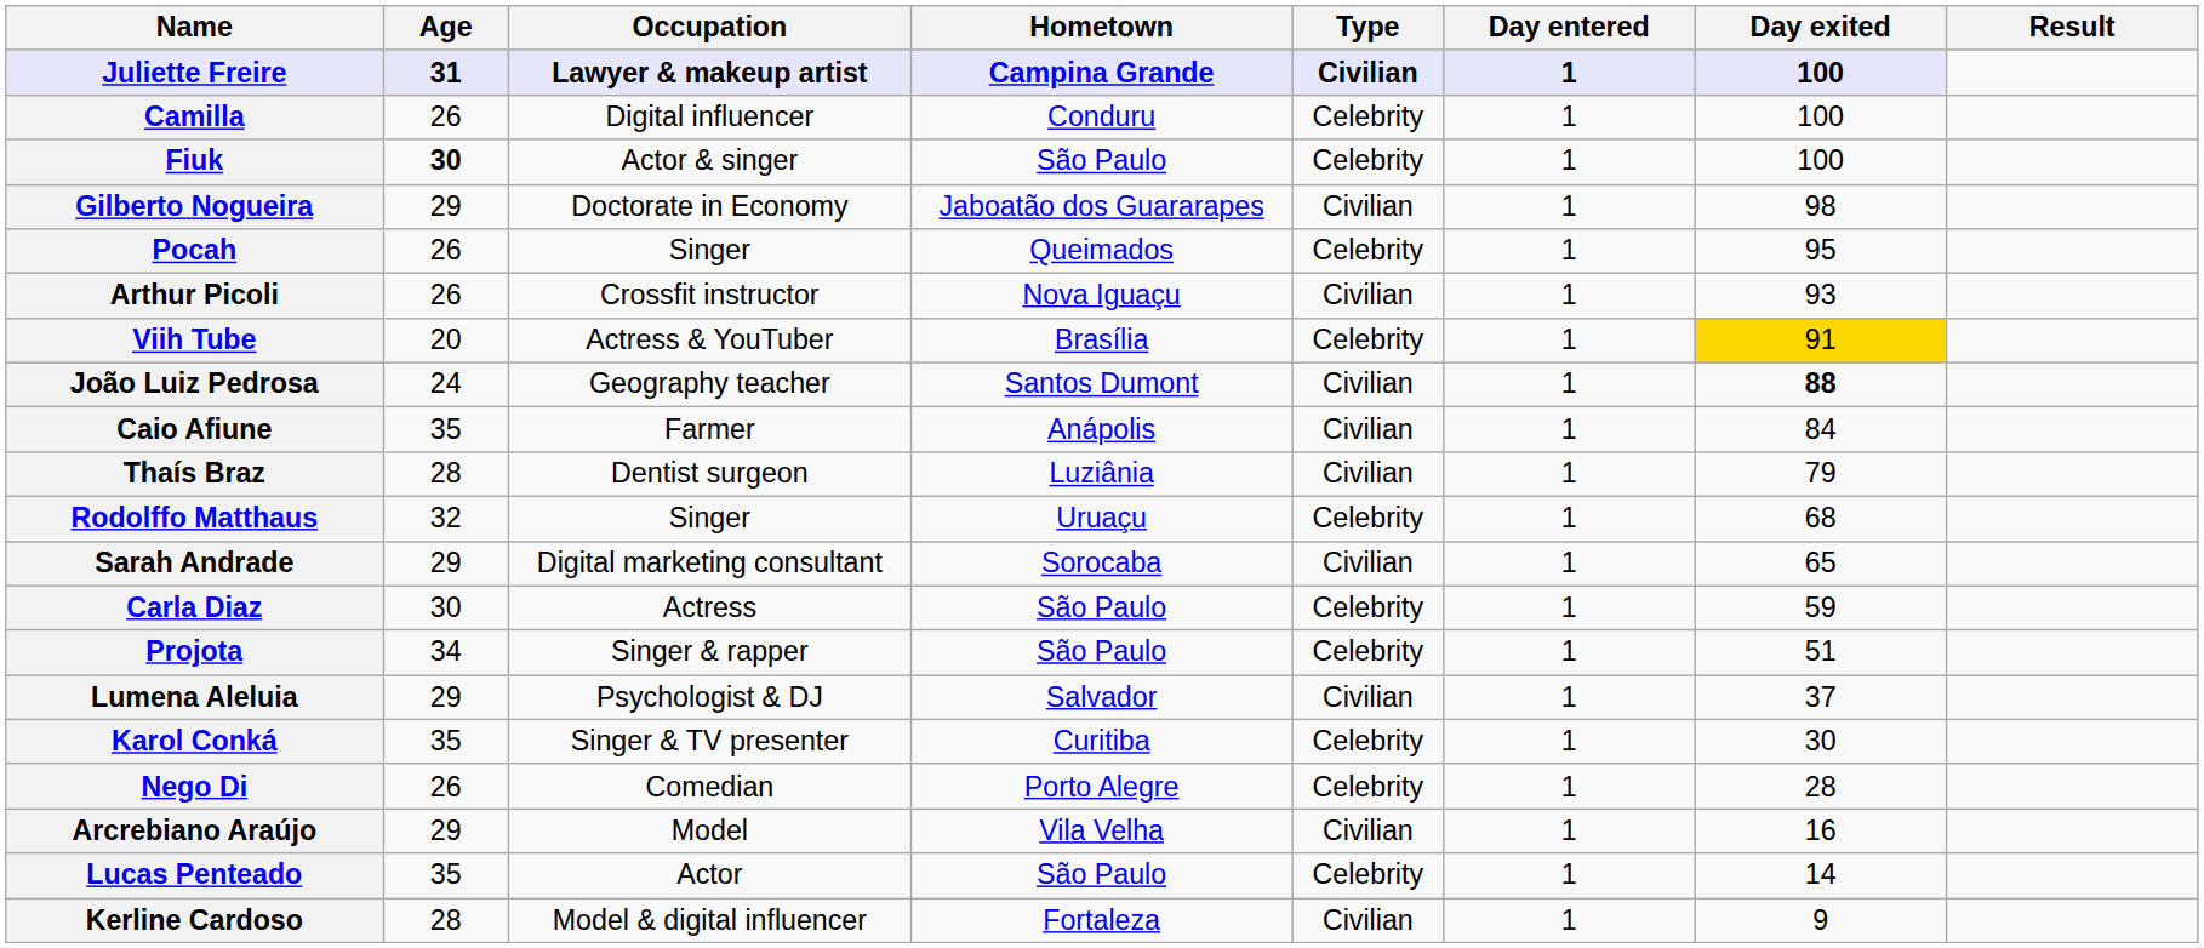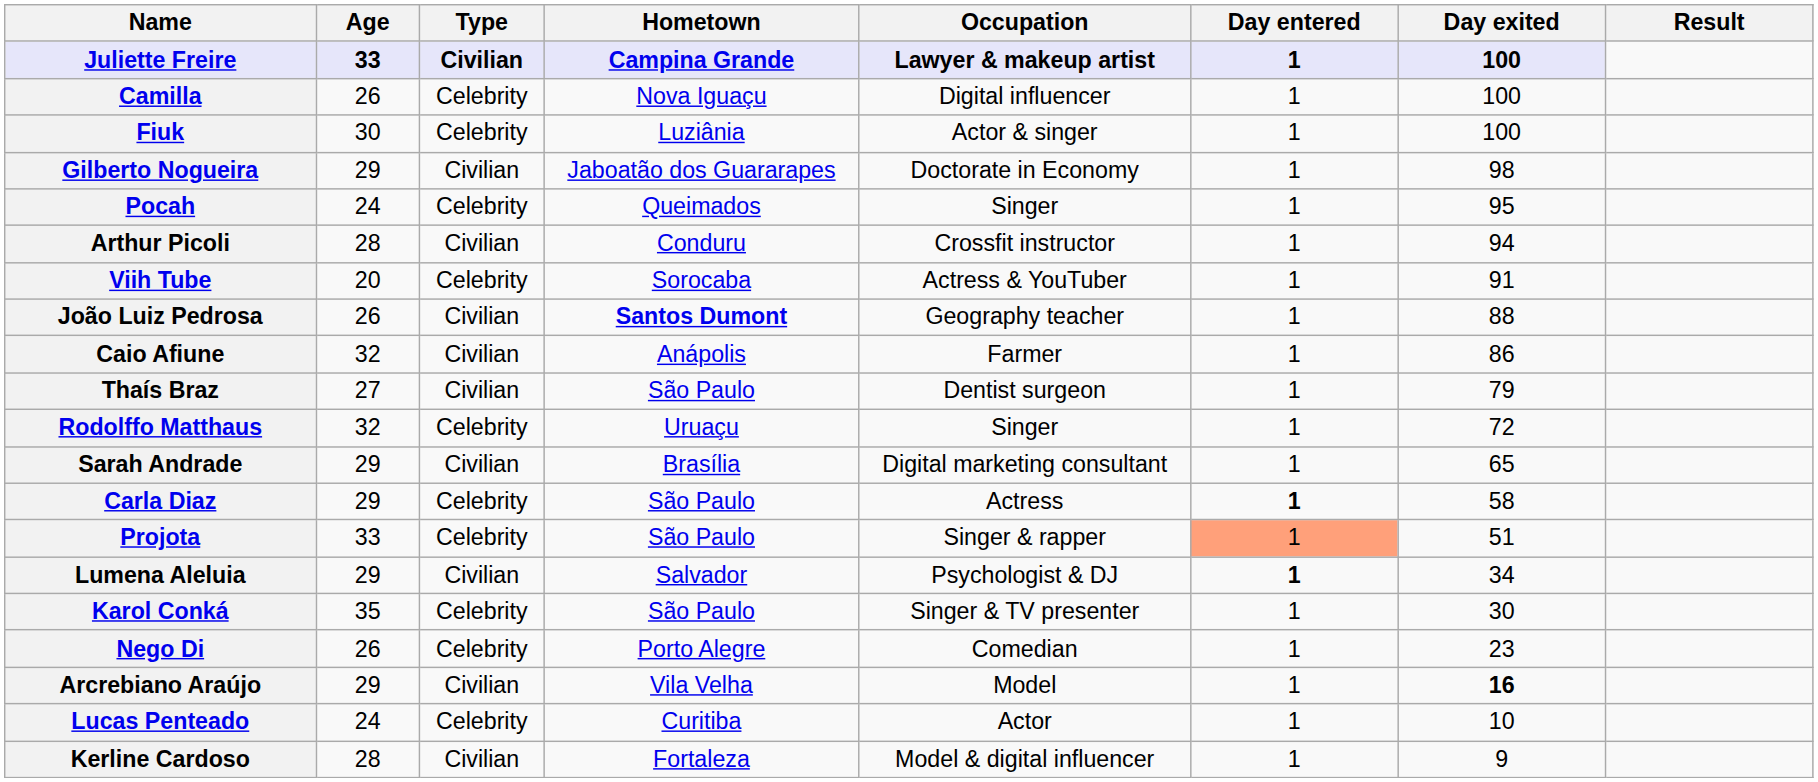 <table class="wikitable sortable" style="text-align:center;">
 <tr>
 <th scope="col" width="15.0%">Name</th>
 <th scope="col" width="05.0%">Age</th>
+<th scope="col" width="06.0%">Type</th>
+<th scope="col" width="13.5%">Hometown</th>
 <th scope="col" width="13.5%">Occupation</th>
-<th scope="col" width="13.5%">Hometown</th>
-<th scope="col" width="06.0%">Type</th>
 <th scope="col" width="10.0%">Day entered</th>
 <th scope="col" width="10.0%">Day exited</th>
 <th scope="col" width="10.0%">Result</th>
 </tr>
 <tr>
 <td bgcolor="E6E6FA"><strong><a href='#'>Juliette Freire</a></strong></td>
-<td bgcolor="E6E6FA"><strong>31</strong></td>
+<td bgcolor="E6E6FA"><strong>33</strong></td>
+<td bgcolor="E6E6FA"><strong>Civilian</strong></td>
+<td bgcolor="E6E6FA"><strong><a href='#'>Campina Grande</a></strong></td>
 <td bgcolor="E6E6FA"><strong>Lawyer & makeup artist</strong></td>
-<td bgcolor="E6E6FA"><strong><a href='#'>Campina Grande</a></strong></td>
-<td bgcolor="E6E6FA"><strong>Civilian</strong></td>
 <td bgcolor="E6E6FA"><strong>1</strong></td>
 <td bgcolor="E6E6FA"><strong>100</strong></td>
 <td></td>
 </tr>
 <tr>
 <th><a href='#'>Camilla </a></th>
 <td>26</td>
+<td>Celebrity</td>
+<td><a href='#'>Nova Iguaçu</a></td>
 <td>Digital influencer</td>
-<td><a href='#'>Conduru</a></td>
-<td>Celebrity</td>
 <td>1</td>
 <td>100</td>
 <td></td>
 </tr>
 <tr>
 <th><a href='#'>Fiuk</a></th>
-<td><strong>30</strong></td>
+<td>30</td>
+<td>Celebrity</td>
+<td><a href='#'>Luziânia</a></td>
 <td>Actor & singer</td>
-<td><a href='#'>São Paulo</a></td>
-<td>Celebrity</td>
 <td>1</td>
 <td>100</td>
 <td></td>
 </tr>
 <tr>
 <th><a href='#'>Gilberto Nogueira</a></th>
 <td>29</td>
+<td>Civilian</td>
+<td nowrap><a href='#'>Jaboatão dos Guararapes</a></td>
 <td>Doctorate in Economy</td>
-<td nowrap><a href='#'>Jaboatão dos Guararapes</a></td>
-<td>Civilian</td>
 <td>1</td>
 <td>98</td>
 <td></td>
 </tr>
 <tr>
 <th><a href='#'>Pocah</a></th>
-<td>26</td>
+<td>24</td>
+<td>Celebrity</td>
+<td><a href='#'>Queimados</a></td>
 <td>Singer</td>
-<td><a href='#'>Queimados</a></td>
-<td>Celebrity</td>
 <td>1</td>
 <td>95</td>
 <td></td>
 </tr>
 <tr>
 <th>Arthur Picoli</th>
-<td>26</td>
+<td>28</td>
+<td>Civilian</td>
+<td><a href='#'>Conduru</a></td>
 <td>Crossfit instructor</td>
-<td><a href='#'>Nova Iguaçu</a></td>
-<td>Civilian</td>
 <td>1</td>
-<td>93</td>
+<td>94</td>
 <td></td>
 </tr>
 <tr>
 <th><a href='#'>Viih Tube</a></th>
 <td>20</td>
+<td>Celebrity</td>
+<td><a href='#'>Sorocaba</a></td>
 <td>Actress & YouTuber</td>
-<td><a href='#'>Brasília</a></td>
-<td>Celebrity</td>
 <td>1</td>
-<td style="background: gold;">91</td>
+<td>91</td>
 <td></td>
 </tr>
 <tr>
 <th>João Luiz Pedrosa</th>
-<td>24</td>
+<td>26</td>
+<td>Civilian</td>
+<td><strong><a href='#'>Santos Dumont</a></strong></td>
 <td>Geography teacher</td>
-<td><a href='#'>Santos Dumont</a></td>
-<td>Civilian</td>
 <td>1</td>
-<td><strong>88</strong></td>
+<td>88</td>
 <td></td>
 </tr>
 <tr>
 <th>Caio Afiune</th>
-<td>35</td>
+<td>32</td>
+<td>Civilian</td>
+<td><a href='#'>Anápolis</a></td>
 <td>Farmer</td>
-<td><a href='#'>Anápolis</a></td>
-<td>Civilian</td>
 <td>1</td>
-<td>84</td>
+<td>86</td>
 <td></td>
 </tr>
 <tr>
 <th>Thaís Braz</th>
-<td>28</td>
+<td>27</td>
+<td>Civilian</td>
+<td><a href='#'>São Paulo</a></td>
 <td>Dentist surgeon</td>
-<td><a href='#'>Luziânia</a></td>
-<td>Civilian</td>
 <td>1</td>
 <td>79</td>
 <td></td>
 </tr>
 <tr>
 <th><a href='#'>Rodolffo Matthaus</a></th>
 <td>32</td>
+<td>Celebrity</td>
+<td><a href='#'>Uruaçu</a></td>
 <td>Singer</td>
-<td><a href='#'>Uruaçu</a></td>
-<td>Celebrity</td>
 <td>1</td>
-<td>68</td>
+<td>72</td>
 <td></td>
 </tr>
 <tr>
 <th>Sarah Andrade</th>
 <td>29</td>
+<td>Civilian</td>
+<td><a href='#'>Brasília</a></td>
 <td nowrap>Digital marketing consultant</td>
-<td><a href='#'>Sorocaba</a></td>
-<td>Civilian</td>
 <td>1</td>
 <td>65</td>
 <td></td>
 </tr>
 <tr>
 <th><a href='#'>Carla Diaz</a></th>
-<td>30</td>
+<td>29</td>
+<td>Celebrity</td>
+<td><a href='#'>São Paulo</a></td>
 <td>Actress</td>
-<td><a href='#'>São Paulo</a></td>
-<td>Celebrity</td>
-<td>1</td>
-<td>59</td>
+<td><strong>1</strong></td>
+<td>58</td>
 <td></td>
 </tr>
 <tr>
 <th><a href='#'>Projota</a></th>
-<td>34</td>
+<td>33</td>
+<td>Celebrity</td>
+<td><a href='#'>São Paulo</a></td>
 <td>Singer & rapper</td>
-<td><a href='#'>São Paulo</a></td>
-<td>Celebrity</td>
-<td>1</td>
+<td style="background: lightsalmon;">1</td>
 <td>51</td>
 <td></td>
 </tr>
 <tr>
 <th>Lumena Aleluia</th>
 <td>29</td>
+<td>Civilian</td>
+<td><a href='#'>Salvador</a></td>
 <td>Psychologist & DJ</td>
-<td><a href='#'>Salvador</a></td>
-<td>Civilian</td>
-<td>1</td>
-<td>37</td>
+<td><strong>1</strong></td>
+<td>34</td>
 <td></td>
 </tr>
 <tr>
 <th><a href='#'>Karol Conká</a></th>
 <td>35</td>
+<td>Celebrity</td>
+<td><a href='#'>São Paulo</a></td>
 <td>Singer & TV presenter</td>
-<td><a href='#'>Curitiba</a></td>
-<td>Celebrity</td>
 <td>1</td>
 <td>30</td>
 <td></td>
 </tr>
 <tr>
 <th><a href='#'>Nego Di</a></th>
 <td>26</td>
+<td>Celebrity</td>
+<td><a href='#'>Porto Alegre</a></td>
 <td>Comedian</td>
-<td><a href='#'>Porto Alegre</a></td>
-<td>Celebrity</td>
 <td>1</td>
-<td>28</td>
+<td>23</td>
 <td></td>
 </tr>
 <tr>
 <th>Arcrebiano Araújo</th>
 <td>29</td>
+<td>Civilian</td>
+<td><a href='#'>Vila Velha</a></td>
 <td>Model</td>
-<td><a href='#'>Vila Velha</a></td>
-<td>Civilian</td>
 <td>1</td>
-<td>16</td>
+<td><strong>16</strong></td>
 <td></td>
 </tr>
 <tr>
 <th><a href='#'>Lucas Penteado</a></th>
-<td>35</td>
+<td>24</td>
+<td>Celebrity</td>
+<td><a href='#'>Curitiba</a></td>
 <td>Actor</td>
-<td><a href='#'>São Paulo</a></td>
-<td>Celebrity</td>
 <td>1</td>
-<td>14</td>
+<td>10</td>
 <td></td>
 </tr>
 <tr>
 <th>Kerline Cardoso</th>
 <td>28</td>
+<td>Civilian</td>
+<td><a href='#'>Fortaleza</a></td>
 <td>Model & digital influencer</td>
-<td><a href='#'>Fortaleza</a></td>
-<td>Civilian</td>
 <td>1</td>
 <td>9</td>
 <td></td>
 </tr>
 </table>
